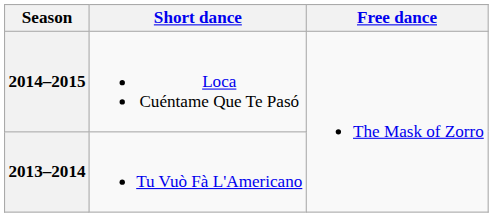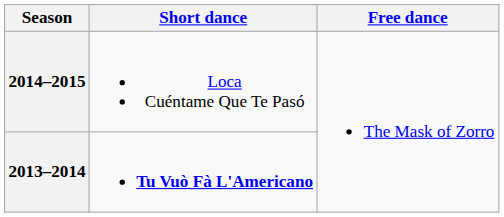 <table class=wikitable style=text-align:center>
 <tr>
 <th>Season</th>
 <th><a href='#'>Short dance</a></th>
 <th><a href='#'>Free dance</a></th>
 </tr>
 <tr>
 <th>2014–2015</th>
 <td><br><ul><li><a href='#'>Loca</a> <br></li><li>Cuéntame Que Te Pasó</li></ul></td>
 <td rowspan=2><br><ul><li><a href='#'>The Mask of Zorro</a> <br></li></ul></td>
 </tr>
 <tr>
 <th>2013–2014</th>
-<td><br><ul><li><a href='#'>Tu Vuò Fà L'Americano</a></li></ul></td>
+<td><strong><br><ul><li><a href='#'>Tu Vuò Fà L'Americano</a></li></ul></strong></td>
 </tr>
 </table>
